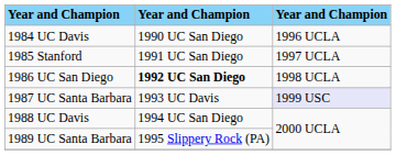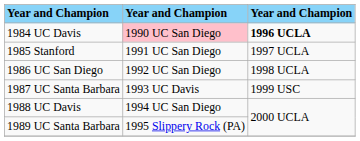 <table class="wikitable">
 <tr ! style="background-color: #87D3F8;">
 <td><strong>Year and Champion</strong></td>
 <td><strong>Year and Champion</strong></td>
 <td><strong>Year and Champion</strong></td>
 </tr>
 <tr --->
 <td>1984 UC Davis</td>
-<td>1990 UC San Diego</td>
-<td>1996 UCLA</td>
+<td style="background: pink;">1990 UC San Diego</td>
+<td><strong>1996 UCLA</strong></td>
 </tr>
 <tr --->
 <td>1985 Stanford</td>
 <td>1991 UC San Diego</td>
 <td>1997 UCLA</td>
 </tr>
 <tr --->
 <td>1986 UC San Diego</td>
-<td><strong>1992 UC San Diego</strong></td>
+<td>1992 UC San Diego</td>
 <td>1998 UCLA</td>
 </tr>
 <tr --->
 <td>1987 UC Santa Barbara</td>
 <td>1993 UC Davis</td>
-<td style="background: lavender;">1999 USC</td>
+<td>1999 USC</td>
 </tr>
 <tr --->
 <td>1988 UC Davis</td>
 <td>1994 UC San Diego</td>
 <td rowspan="2">2000 UCLA</td>
 </tr>
 <tr --->
 <td>1989 UC Santa Barbara</td>
 <td>1995 <a href='#'>Slippery Rock</a> (PA)</td>
 </tr>
 <tr --->
 </tr>
 </table>
